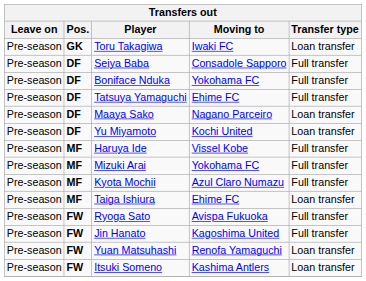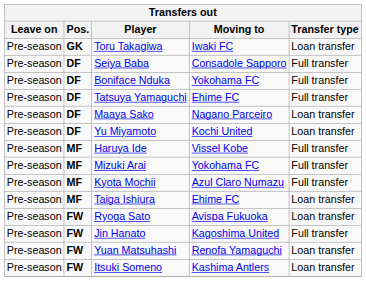 <table class="wikitable sortable" style=“text-align:left;>
 <tr>
 <th colspan="5">Transfers out</th>
 </tr>
 <tr>
 <th>Leave on</th>
 <th>Pos.</th>
 <th>Player</th>
 <th>Moving to</th>
 <th>Transfer type</th>
 </tr>
 <tr>
 <td>Pre-season</td>
 <td><strong>GK</strong></td>
 <td> <a href='#'>Toru Takagiwa</a></td>
 <td> <a href='#'>Iwaki FC</a></td>
 <td>Loan transfer</td>
 </tr>
 <tr>
 <td>Pre-season</td>
 <td><strong>DF</strong></td>
 <td> <a href='#'>Seiya Baba</a></td>
 <td> <a href='#'>Consadole Sapporo</a></td>
 <td>Full transfer</td>
 </tr>
 <tr>
 <td>Pre-season</td>
 <td><strong>DF</strong></td>
 <td> <a href='#'>Boniface Nduka</a></td>
 <td> <a href='#'>Yokohama FC</a></td>
 <td>Full transfer</td>
 </tr>
 <tr>
 <td>Pre-season</td>
 <td><strong>DF</strong></td>
 <td> <a href='#'>Tatsuya Yamaguchi</a></td>
 <td> <a href='#'>Ehime FC</a></td>
 <td>Full transfer</td>
 </tr>
 <tr>
 <td>Pre-season</td>
 <td><strong>DF</strong></td>
 <td> <a href='#'>Maaya Sako</a></td>
 <td> <a href='#'>Nagano Parceiro</a></td>
 <td>Loan transfer</td>
 </tr>
 <tr>
 <td>Pre-season</td>
 <td><strong>DF</strong></td>
 <td> <a href='#'>Yu Miyamoto</a></td>
 <td> <a href='#'>Kochi United</a></td>
 <td>Loan transfer</td>
 </tr>
 <tr>
 <td>Pre-season</td>
 <td><strong>MF</strong></td>
 <td> <a href='#'>Haruya Ide</a></td>
 <td> <a href='#'>Vissel Kobe</a></td>
 <td>Full transfer</td>
 </tr>
 <tr>
 <td>Pre-season</td>
 <td><strong>MF</strong></td>
 <td> <a href='#'>Mizuki Arai</a></td>
 <td> <a href='#'>Yokohama FC</a></td>
 <td>Full transfer</td>
 </tr>
 <tr>
 <td>Pre-season</td>
 <td><strong>MF</strong></td>
 <td> <a href='#'>Kyota Mochii</a></td>
 <td> <a href='#'>Azul Claro Numazu</a></td>
 <td>Full transfer</td>
 </tr>
 <tr>
 <td>Pre-season</td>
 <td><strong>MF</strong></td>
 <td> <a href='#'>Taiga Ishiura</a></td>
 <td> <a href='#'>Ehime FC</a></td>
 <td>Loan transfer</td>
 </tr>
 <tr>
 <td>Pre-season</td>
 <td><strong>FW</strong></td>
 <td> <a href='#'>Ryoga Sato</a></td>
 <td> <a href='#'>Avispa Fukuoka</a></td>
-<td>Full transfer</td>
+<td>Loan transfer</td>
 </tr>
 <tr>
 <td>Pre-season</td>
 <td><strong>FW</strong></td>
 <td> <a href='#'>Jin Hanato</a></td>
 <td> <a href='#'>Kagoshima United</a></td>
 <td>Full transfer</td>
 </tr>
 <tr>
 <td>Pre-season</td>
 <td><strong>FW</strong></td>
 <td> <a href='#'>Yuan Matsuhashi</a></td>
 <td> <a href='#'>Renofa Yamaguchi</a></td>
 <td>Loan transfer</td>
 </tr>
 <tr>
 <td>Pre-season</td>
 <td><strong>FW</strong></td>
 <td> <a href='#'>Itsuki Someno</a></td>
 <td> <a href='#'>Kashima Antlers</a></td>
 <td>Loan transfer</td>
 </tr>
 <tr>
 </tr>
 </table>
